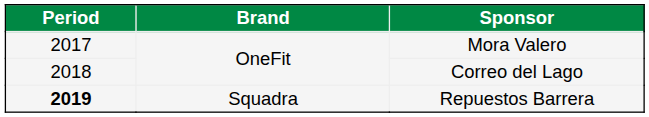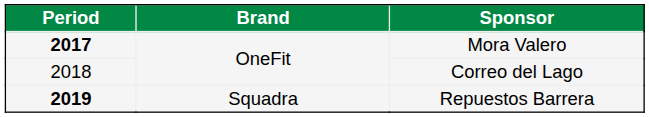 <table class="unsortable" align=center border=1 width=500 cellpadding="2" cellspacing="0" style="background: #F5F5F5; border: 1px solid; border-collapse: collapse; font-size: 90%; text-align: center;">
 <tr align=center style="background:#008844; color:#FFFFFF;">
 <th width=100>Period</th>
 <th width=200>Brand</th>
 <th width=200>Sponsor</th>
 </tr>
 <tr>
-<td>2017</td>
+<td><strong>2017</strong></td>
 <td rowspan=2>OneFit</td>
 <td rowspan=1>Mora Valero </td>
 </tr>
 <tr>
 <td>2018</td>
 <td rowspan=1>Correo del Lago</td>
 </tr>
 <tr>
 <td><strong>2019</strong></td>
 <td rowspan=1>Squadra</td>
 <td rowspan=1>Repuestos Barrera</td>
 </tr>
 </table>
